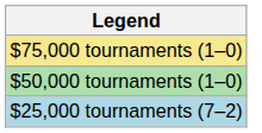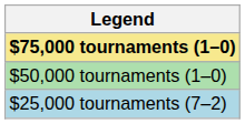 <table class="wikitable" style="font-size:85%;">
 <tr>
 <th>Legend</th>
 </tr>
 <tr style="background:#f7e98e;">
-<td>$75,000 tournaments (1–0)</td>
+<td><strong>$75,000 tournaments (1–0)</strong></td>
 </tr>
 <tr style="background:#addfad;">
 <td>$50,000 tournaments (1–0)</td>
 </tr>
 <tr style="background:lightblue;">
 <td>$25,000 tournaments (7–2)</td>
 </tr>
 </table>
